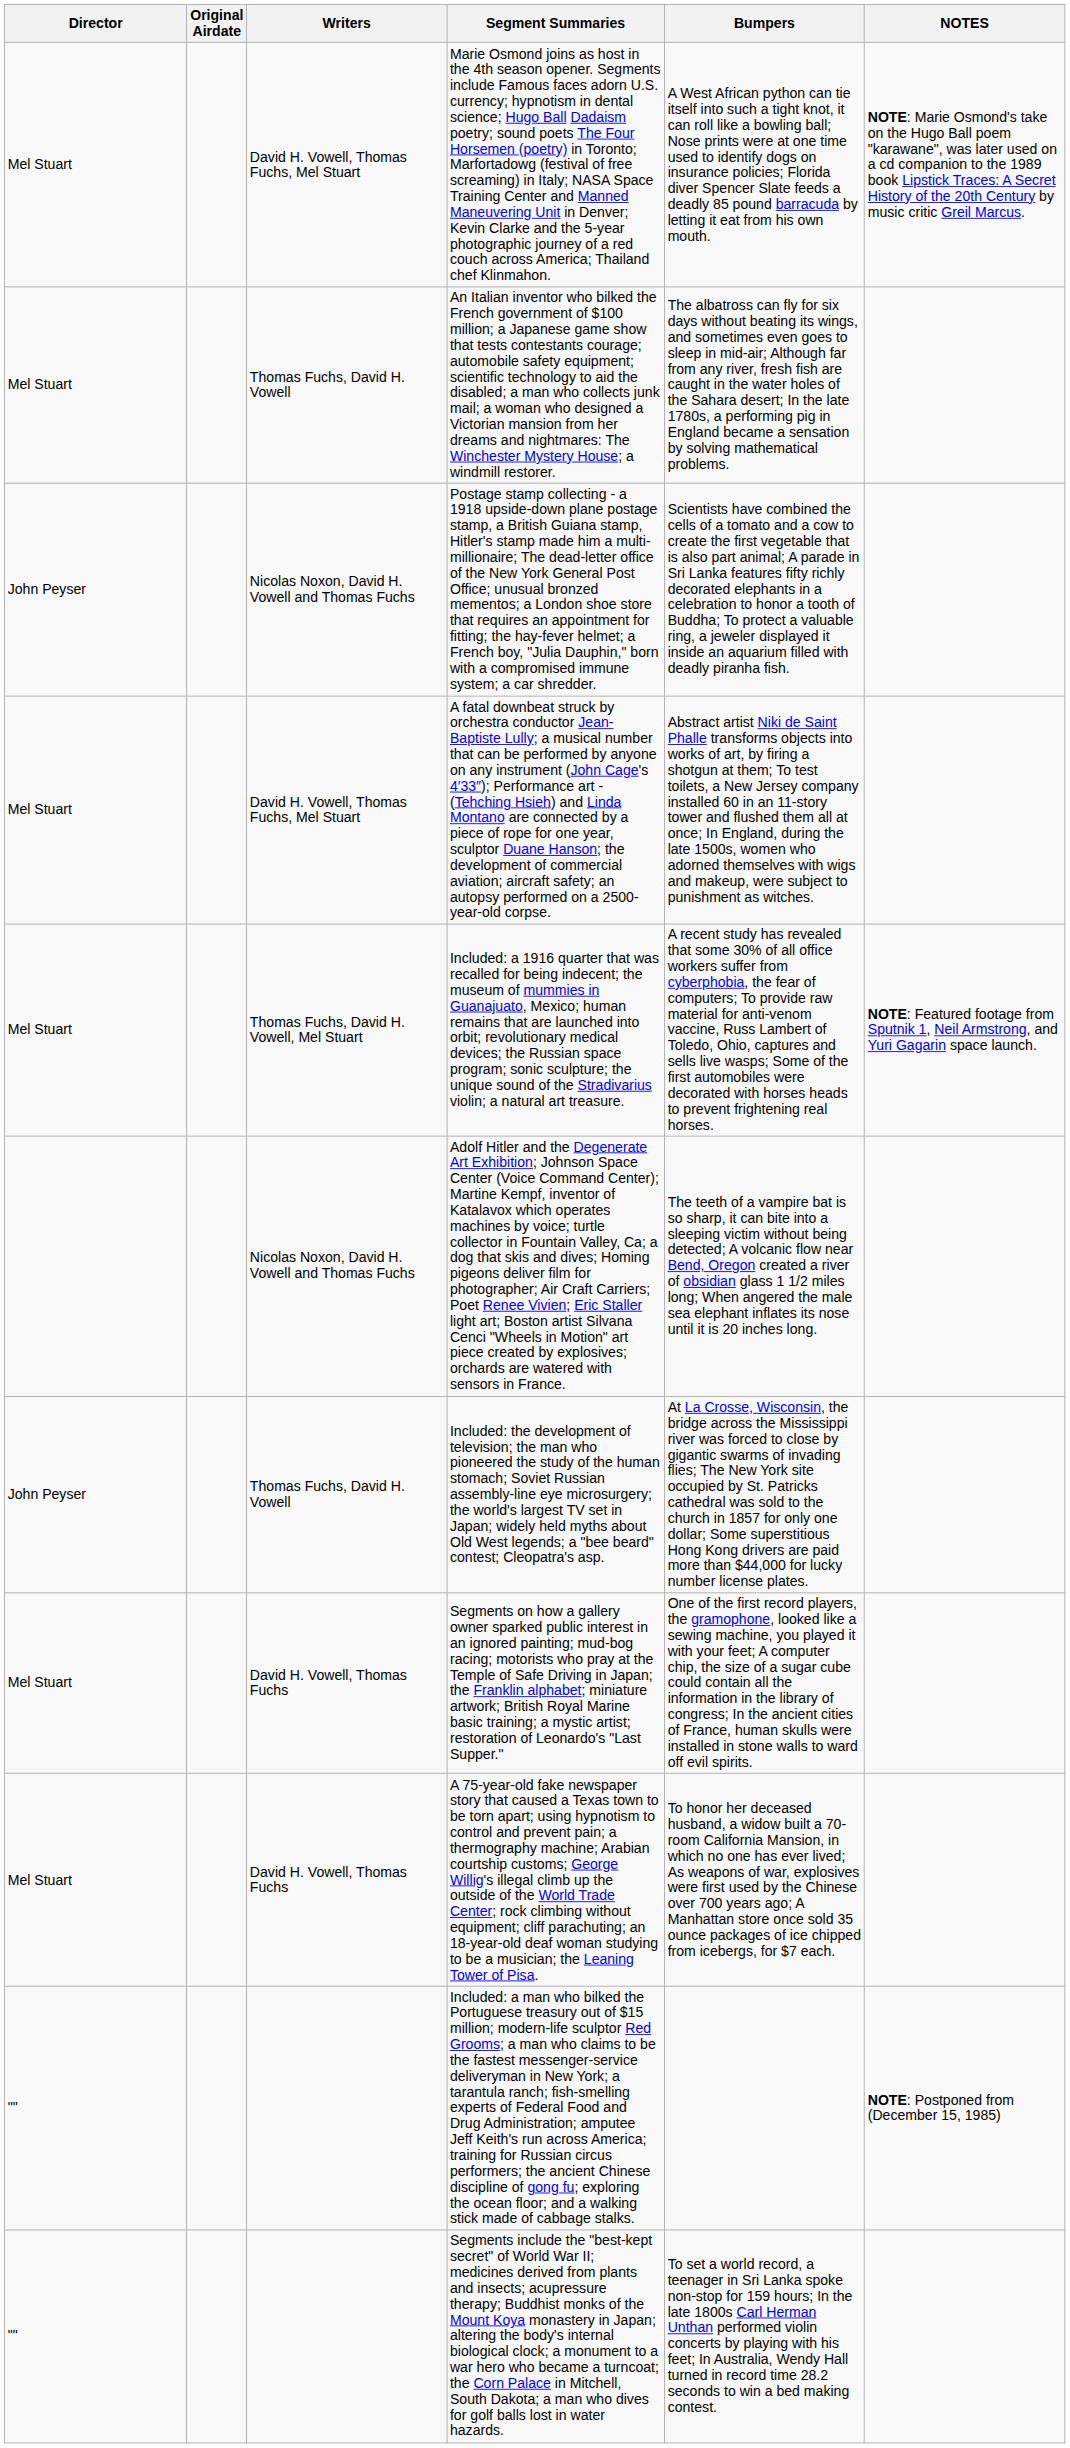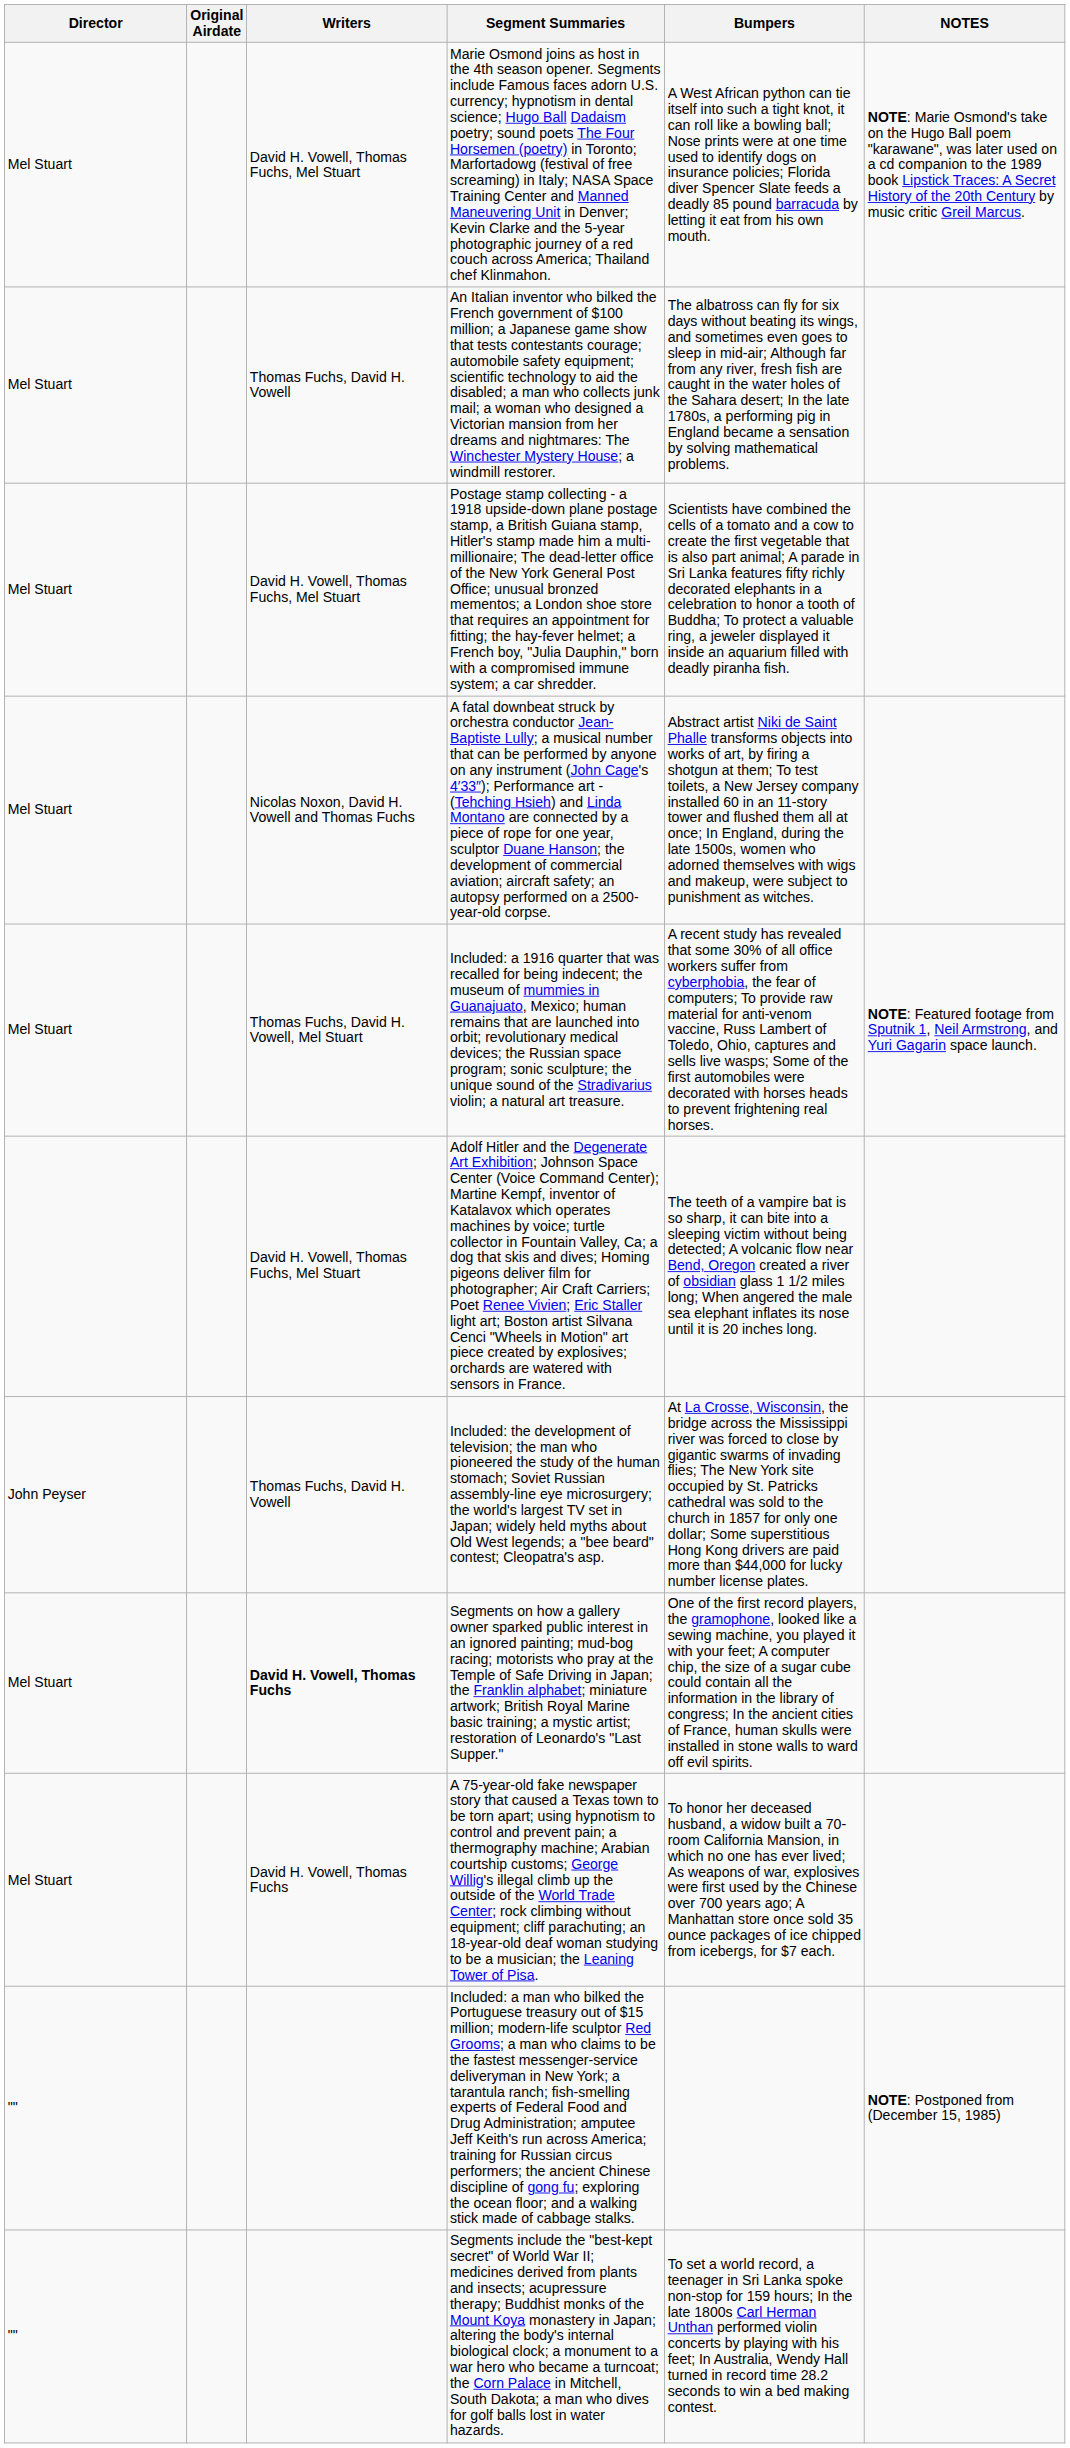 <table class="wikitable" "background:#EEEEFF">
 <tr>
 <th style="width:200px;">Director</th>
 <th style="width:40pt;">Original Airdate</th>
 <th style="width:220px;">Writers</th>
 <th style="width:240px;">Segment Summaries</th>
 <th style="width:220px;">Bumpers</th>
 <th style="width:220px;">NOTES</th>
 </tr>
 <tr>
 <td>Mel Stuart</td>
 <td></td>
 <td>David H. Vowell, Thomas Fuchs, Mel Stuart</td>
 <td>Marie Osmond joins as host in the 4th season opener. Segments include Famous faces adorn U.S. currency; hypnotism in dental science; <a href='#'>Hugo Ball</a> <a href='#'>Dadaism</a> poetry; sound poets <a href='#'>The Four Horsemen (poetry)</a> in Toronto; Marfortadowg (festival of free screaming) in Italy; NASA Space Training Center and <a href='#'>Manned Maneuvering Unit</a> in Denver; Kevin Clarke and the 5-year photographic journey of a red couch across America; Thailand chef Klinmahon.</td>
 <td>A West African python can tie itself into such a tight knot, it can roll like a bowling ball; Nose prints were at one time used to identify dogs on insurance policies; Florida diver Spencer Slate feeds a deadly 85 pound <a href='#'>barracuda</a> by letting it eat from his own mouth.</td>
 <td><strong>NOTE</strong>: Marie Osmond's take on the Hugo Ball poem "karawane", was later used on a cd companion to the 1989 book <a href='#'>Lipstick Traces: A Secret History of the 20th Century</a> by music critic <a href='#'>Greil Marcus</a>.</td>
 </tr>
 <tr>
 <td>Mel Stuart</td>
 <td></td>
 <td>Thomas Fuchs, David H. Vowell</td>
 <td>An Italian inventor who bilked the French government of $100 million; a Japanese game show that tests contestants courage; automobile safety equipment; scientific technology to aid the disabled; a man who collects junk mail; a woman who designed a Victorian mansion from her dreams and nightmares: The <a href='#'>Winchester Mystery House</a>; a windmill restorer.</td>
 <td>The albatross can fly for six days without beating its wings, and sometimes even goes to sleep in mid-air; Although far from any river, fresh fish are caught in the water holes of the Sahara desert; In the late 1780s, a performing pig in England became a sensation by solving mathematical problems.</td>
 <td></td>
 </tr>
 <tr>
-<td>John Peyser</td>
+<td>Mel Stuart</td>
 <td></td>
-<td>Nicolas Noxon, David H. Vowell and Thomas Fuchs</td>
+<td>David H. Vowell, Thomas Fuchs, Mel Stuart</td>
 <td>Postage stamp collecting - a 1918 upside-down plane postage stamp, a British Guiana stamp, Hitler's stamp made him a multi-millionaire; The dead-letter office of the New York General Post Office; unusual bronzed mementos; a London shoe store that requires an appointment for fitting; the hay-fever helmet; a French boy, "Julia Dauphin," born with a compromised immune system; a car shredder.</td>
 <td>Scientists have combined the cells of a tomato and a cow to create the first vegetable that is also part animal; A parade in Sri Lanka features fifty richly decorated elephants in a celebration to honor a tooth of Buddha; To protect a valuable ring, a jeweler displayed it inside an aquarium filled with deadly piranha fish.</td>
 <td></td>
 </tr>
 <tr>
 <td>Mel Stuart</td>
 <td></td>
-<td>David H. Vowell, Thomas Fuchs, Mel Stuart</td>
+<td>Nicolas Noxon, David H. Vowell and Thomas Fuchs</td>
 <td>A fatal downbeat struck by orchestra conductor <a href='#'>Jean-Baptiste Lully</a>; a musical number that can be performed by anyone on any instrument (<a href='#'>John Cage</a>'s <a href='#'>4′33″</a>); Performance art - (<a href='#'>Tehching Hsieh</a>) and <a href='#'>Linda Montano</a> are connected by a piece of rope for one year, sculptor <a href='#'>Duane Hanson</a>; the development of commercial aviation; aircraft safety; an autopsy performed on a 2500-year-old corpse.</td>
 <td>Abstract artist <a href='#'>Niki de Saint Phalle</a> transforms objects into works of art, by firing a shotgun at them; To test toilets, a New Jersey company installed 60 in an 11-story tower and flushed them all at once; In England, during the late 1500s, women who adorned themselves with wigs and makeup, were subject to punishment as witches.</td>
 <td></td>
 </tr>
 <tr>
 <td>Mel Stuart</td>
 <td></td>
 <td>Thomas Fuchs, David H. Vowell, Mel Stuart</td>
 <td>Included: a 1916 quarter that was recalled for being indecent; the museum of <a href='#'>mummies in Guanajuato</a>, Mexico; human remains that are launched into orbit; revolutionary medical devices; the Russian space program; sonic sculpture; the unique sound of the <a href='#'>Stradivarius</a> violin; a natural art treasure.</td>
 <td>A recent study has revealed that some 30% of all office workers suffer from <a href='#'>cyberphobia</a>, the fear of computers; To provide raw material for anti-venom vaccine, Russ Lambert of Toledo, Ohio, captures and sells live wasps; Some of the first automobiles were decorated with horses heads to prevent frightening real horses.</td>
 <td><strong>NOTE</strong>: Featured footage from <a href='#'>Sputnik 1</a>, <a href='#'>Neil Armstrong</a>, and <a href='#'>Yuri Gagarin</a> space launch.</td>
 </tr>
 <tr>
 <td></td>
 <td></td>
-<td>Nicolas Noxon, David H. Vowell and Thomas Fuchs</td>
+<td>David H. Vowell, Thomas Fuchs, Mel Stuart</td>
 <td>Adolf Hitler and the <a href='#'>Degenerate Art Exhibition</a>; Johnson Space Center (Voice Command Center); Martine Kempf, inventor of Katalavox which operates machines by voice; turtle collector in Fountain Valley, Ca; a dog that skis and dives; Homing pigeons deliver film for photographer; Air Craft Carriers; Poet <a href='#'>Renee Vivien</a>; <a href='#'>Eric Staller</a> light art; Boston artist Silvana Cenci "Wheels in Motion" art piece created by explosives; orchards are watered with sensors in France.</td>
 <td>The teeth of a vampire bat is so sharp, it can bite into a sleeping victim without being detected; A volcanic flow near <a href='#'>Bend, Oregon</a> created a river of <a href='#'>obsidian</a> glass 1 1/2 miles long; When angered the male sea elephant inflates its nose until it is 20 inches long.</td>
 <td></td>
 </tr>
 <tr>
 <td>John Peyser</td>
 <td></td>
 <td>Thomas Fuchs, David H. Vowell</td>
 <td>Included: the development of television; the man who pioneered the study of the human stomach; Soviet Russian assembly-line eye microsurgery; the world's largest TV set in Japan; widely held myths about Old West legends; a "bee beard" contest; Cleopatra's asp.</td>
 <td>At <a href='#'>La Crosse, Wisconsin</a>, the bridge across the Mississippi river was forced to close by gigantic swarms of invading flies; The New York site occupied by St. Patricks cathedral was sold to the church in 1857 for only one dollar; Some superstitious Hong Kong drivers are paid more than $44,000 for lucky number license plates.</td>
 <td></td>
 </tr>
 <tr>
 <td>Mel Stuart</td>
 <td></td>
-<td>David H. Vowell, Thomas Fuchs</td>
+<td><strong>David H. Vowell, Thomas Fuchs</strong></td>
 <td>Segments on how a gallery owner sparked public interest in an ignored painting; mud-bog racing; motorists who pray at the Temple of Safe Driving in Japan; the <a href='#'>Franklin alphabet</a>; miniature artwork; British Royal Marine basic training; a mystic artist; restoration of Leonardo's "Last Supper."</td>
 <td>One of the first record players, the <a href='#'>gramophone</a>, looked like a sewing machine, you played it with your feet; A computer chip, the size of a sugar cube could contain all the information in the library of congress; In the ancient cities of France, human skulls were installed in stone walls to ward off evil spirits.</td>
 <td></td>
 </tr>
 <tr>
 <td>Mel Stuart</td>
 <td></td>
 <td>David H. Vowell, Thomas Fuchs</td>
 <td>A 75-year-old fake newspaper story that caused a Texas town to be torn apart; using hypnotism to control and prevent pain; a thermography machine; Arabian courtship customs; <a href='#'>George Willig</a>'s illegal climb up the outside of the <a href='#'>World Trade Center</a>; rock climbing without equipment; cliff parachuting; an 18-year-old deaf woman studying to be a musician; the <a href='#'>Leaning Tower of Pisa</a>.</td>
 <td>To honor her deceased husband, a widow built a 70-room California Mansion, in which no one has ever lived; As weapons of war, explosives were first used by the Chinese over 700 years ago; A Manhattan store once sold 35 ounce packages of ice chipped from icebergs, for $7 each.</td>
 <td></td>
 </tr>
 <tr>
 <td>""</td>
 <td></td>
 <td></td>
 <td>Included: a man who bilked the Portuguese treasury out of $15 million; modern-life sculptor <a href='#'>Red Grooms</a>; a man who claims to be the fastest messenger-service deliveryman in New York; a tarantula ranch; fish-smelling experts of Federal Food and Drug Administration; amputee Jeff Keith's run across America; training for Russian circus performers; the ancient Chinese discipline of <a href='#'>gong fu</a>; exploring the ocean floor; and a walking stick made of cabbage stalks.</td>
 <td></td>
 <td><strong>NOTE</strong>: Postponed from (December 15, 1985)</td>
 </tr>
 <tr>
 <td>""</td>
 <td></td>
 <td></td>
 <td>Segments include the "best-kept secret" of World War II; medicines derived from plants and insects; acupressure therapy; Buddhist monks of the <a href='#'>Mount Koya</a> monastery in Japan; altering the body's internal biological clock; a monument to a war hero who became a turncoat; the <a href='#'>Corn Palace</a> in Mitchell, South Dakota; a man who dives for golf balls lost in water hazards.</td>
 <td>To set a world record, a teenager in Sri Lanka spoke non-stop for 159 hours; In the late 1800s <a href='#'>Carl Herman Unthan</a> performed violin concerts by playing with his feet; In Australia, Wendy Hall turned in record time 28.2 seconds to win a bed making contest.</td>
 <td></td>
 </tr>
 </table>
